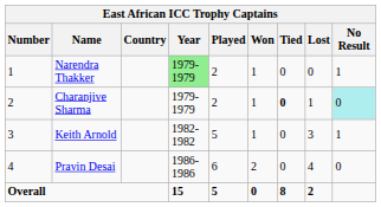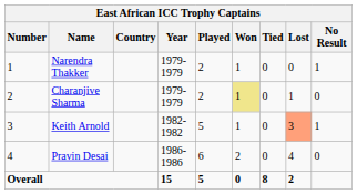 <table class="wikitable" width="40%">
 <tr>
 <th bgcolor="#efefef" colspan=9>East African ICC Trophy Captains</th>
 </tr>
 <tr bgcolor="#efefef">
 <th>Number</th>
 <th>Name</th>
 <th>Country</th>
 <th>Year</th>
 <th>Played</th>
 <th>Won</th>
 <th>Tied</th>
 <th>Lost</th>
 <th>No Result</th>
 </tr>
 <tr>
 <td>1</td>
 <td><a href='#'>Narendra Thakker</a></td>
 <td></td>
-<td style="background: lightgreen;">1979-1979</td>
+<td>1979-1979</td>
 <td>2</td>
 <td>1</td>
 <td>0</td>
 <td>0</td>
 <td>1</td>
 </tr>
 <tr>
 <td>2</td>
 <td><a href='#'>Charanjive Sharma</a></td>
 <td></td>
 <td>1979-1979</td>
 <td>2</td>
+<td style="background: khaki;">1</td>
+<td>0</td>
 <td>1</td>
-<td><strong>0</strong></td>
-<td>1</td>
-<td style="background: paleturquoise;">0</td>
+<td>0</td>
 </tr>
 <tr>
 <td>3</td>
 <td><a href='#'>Keith Arnold</a></td>
 <td></td>
 <td>1982-1982</td>
 <td>5</td>
 <td>1</td>
 <td>0</td>
-<td>3</td>
+<td style="background: lightsalmon;">3</td>
 <td>1</td>
 </tr>
 <tr>
 <td>4</td>
 <td><a href='#'>Pravin Desai</a></td>
 <td></td>
 <td>1986-1986</td>
 <td>6</td>
 <td>2</td>
 <td>0</td>
 <td>4</td>
 <td>0</td>
 </tr>
 <tr>
 <td colspan=3><strong>Overall</strong></td>
 <td><strong>15</strong></td>
 <td><strong>5</strong></td>
 <td><strong>0</strong></td>
 <td><strong>8</strong></td>
 <td><strong>2</strong></td>
 </tr>
 </table>
